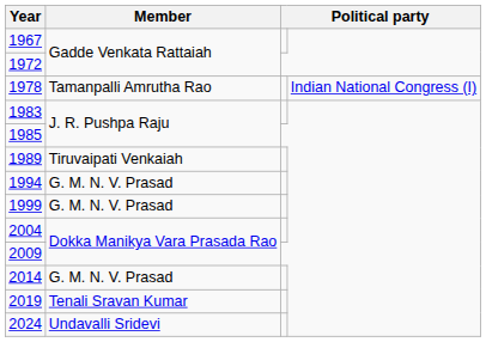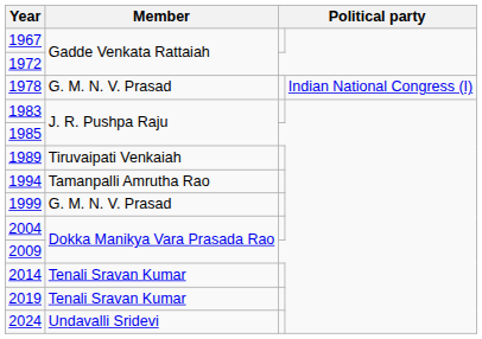 <table class="wikitable sortable">
 <tr>
 <th>Year</th>
 <th>Member</th>
 <th colspan="2">Political party</th>
 </tr>
 <tr>
 <td><a href='#'>1967</a></td>
 <td rowspan="2">Gadde Venkata Rattaiah</td>
 <td></td>
 </tr>
 <tr>
 <td><a href='#'>1972</a></td>
 </tr>
 <tr>
 <td><a href='#'>1978</a></td>
-<td>Tamanpalli Amrutha Rao</td>
+<td>G. M. N. V. Prasad</td>
 <td></td>
 <td><a href='#'>Indian National Congress (I)</a></td>
 </tr>
 <tr>
 <td><a href='#'>1983</a></td>
 <td rowspan="2">J. R. Pushpa Raju</td>
 <td></td>
 </tr>
 <tr>
 <td><a href='#'>1985</a></td>
 </tr>
 <tr>
 <td><a href='#'>1989</a></td>
 <td>Tiruvaipati Venkaiah</td>
 <td></td>
 </tr>
 <tr>
 <td><a href='#'>1994</a></td>
-<td>G. M. N. V. Prasad</td>
+<td>Tamanpalli Amrutha Rao</td>
 <td></td>
 </tr>
 <tr>
 <td><a href='#'>1999</a></td>
 <td>G. M. N. V. Prasad</td>
 <td></td>
 </tr>
 <tr>
 <td><a href='#'>2004</a></td>
 <td rowspan=2><a href='#'>Dokka Manikya Vara Prasada Rao</a></td>
 <td></td>
 </tr>
 <tr>
 <td><a href='#'>2009</a></td>
 </tr>
 <tr>
 <td><a href='#'>2014</a></td>
-<td>G. M. N. V. Prasad</td>
+<td><a href='#'>Tenali Sravan Kumar</a></td>
 <td></td>
 </tr>
 <tr>
 <td><a href='#'>2019</a></td>
 <td><a href='#'>Tenali Sravan Kumar</a></td>
 <td></td>
 </tr>
 <tr>
 <td><a href='#'>2024</a></td>
 <td><a href='#'>Undavalli Sridevi</a></td>
 <td></td>
 </tr>
 </table>
